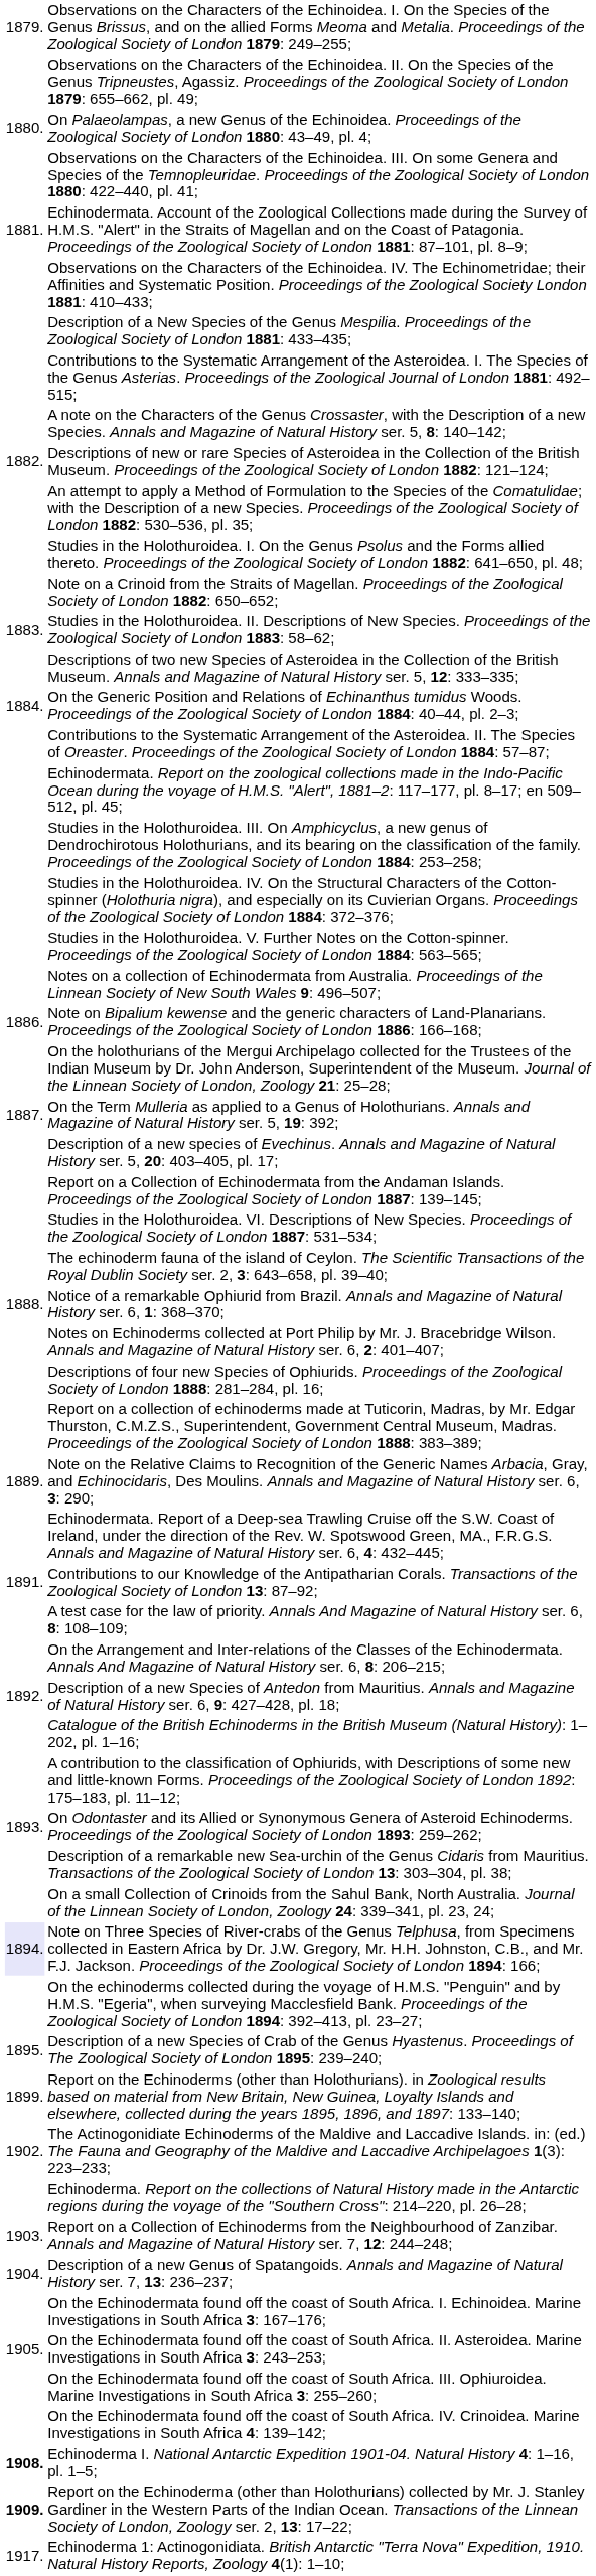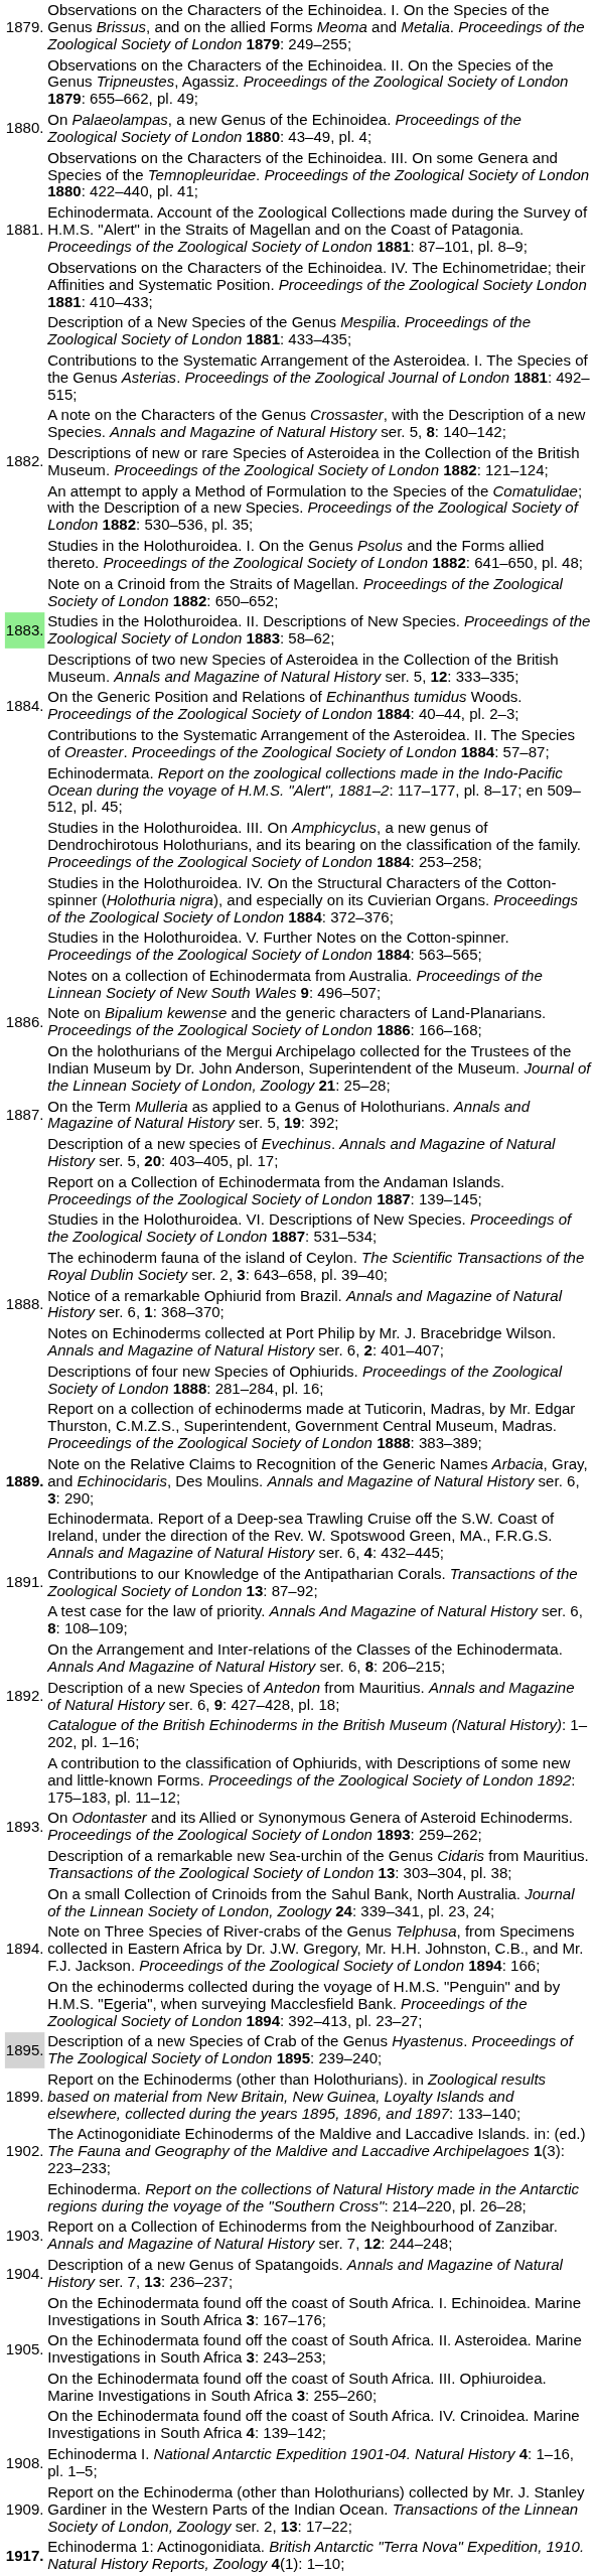 <table class="vatop">
 <tr>
 <td>1879.</td>
 <td>Observations on the Characters of the Echinoidea. I. On the Species of the Genus <em>Brissus</em>, and on the allied Forms <em>Meoma</em> and <em>Metalia</em>. <em>Proceedings of the Zoological Society of London</em> <strong>1879</strong>: 249–255; </td>
 </tr>
 <tr>
 <td></td>
 <td>Observations on the Characters of the Echinoidea. II. On the Species of the Genus <em>Tripneustes</em>, Agassiz. <em>Proceedings of the Zoological Society of London</em> <strong>1879</strong>: 655–662, pl. 49; </td>
 </tr>
 <tr>
 <td>1880.</td>
 <td>On <em>Palaeolampas</em>, a new Genus of the Echinoidea. <em>Proceedings of the Zoological Society of London</em> <strong>1880</strong>: 43–49, pl. 4; </td>
 </tr>
 <tr>
 <td></td>
 <td>Observations on the Characters of the Echinoidea. III. On some Genera and Species of the <em>Temnopleuridae</em>. <em>Proceedings of the Zoological Society of London</em> <strong>1880</strong>: 422–440, pl. 41; </td>
 </tr>
 <tr>
 <td>1881.</td>
 <td>Echinodermata. Account of the Zoological Collections made during the Survey of H.M.S. "Alert" in the Straits of Magellan and on the Coast of Patagonia. <em>Proceedings of the Zoological Society of London</em> <strong>1881</strong>: 87–101, pl. 8–9; </td>
 </tr>
 <tr>
 <td></td>
 <td>Observations on the Characters of the Echinoidea. IV. The Echinometridae; their Affinities and Systematic Position. <em>Proceedings of the Zoological Society London</em> <strong>1881</strong>: 410–433; </td>
 </tr>
 <tr>
 <td></td>
 <td>Description of a New Species of the Genus <em>Mespilia</em>. <em>Proceedings of the Zoological Society of London</em> <strong>1881</strong>: 433–435; </td>
 </tr>
 <tr>
 <td></td>
 <td>Contributions to the Systematic Arrangement of the Asteroidea. I. The Species of the Genus <em>Asterias</em>. <em>Proceedings of the Zoological Journal of London</em> <strong>1881</strong>: 492–515; </td>
 </tr>
 <tr>
 <td></td>
 <td>A note on the Characters of the Genus <em>Crossaster</em>, with the Description of a new Species. <em>Annals and Magazine of Natural History</em> ser. 5, <strong>8</strong>: 140–142; </td>
 </tr>
 <tr>
 <td>1882.</td>
 <td>Descriptions of new or rare Species of Asteroidea in the Collection of the British Museum. <em>Proceedings of the Zoological Society of London</em> <strong>1882</strong>: 121–124; </td>
 </tr>
 <tr>
 <td></td>
 <td>An attempt to apply a Method of Formulation to the Species of the <em>Comatulidae</em>; with the Description of a new Species. <em>Proceedings of the Zoological Society of London</em> <strong>1882</strong>: 530–536, pl. 35; </td>
 </tr>
 <tr>
 <td></td>
 <td>Studies in the Holothuroidea. I. On the Genus <em>Psolus</em> and the Forms allied thereto. <em>Proceedings of the Zoological Society of London</em> <strong>1882</strong>: 641–650, pl. 48; </td>
 </tr>
 <tr>
 <td></td>
 <td>Note on a Crinoid from the Straits of Magellan. <em>Proceedings of the Zoological Society of London</em> <strong>1882</strong>: 650–652; </td>
 </tr>
 <tr>
-<td>1883.</td>
+<td style="background: lightgreen;">1883.</td>
 <td>Studies in the Holothuroidea. II. Descriptions of New Species. <em>Proceedings of the Zoological Society of London</em> <strong>1883</strong>: 58–62; </td>
 </tr>
 <tr>
 <td></td>
 <td>Descriptions of two new Species of Asteroidea in the Collection of the British Museum. <em>Annals and Magazine of Natural History</em> ser. 5, <strong>12</strong>: 333–335; </td>
 </tr>
 <tr>
 <td>1884.</td>
 <td>On the Generic Position and Relations of <em>Echinanthus tumidus</em> Woods. <em>Proceedings of the Zoological Society of London</em> <strong>1884</strong>: 40–44, pl. 2–3; </td>
 </tr>
 <tr>
 <td></td>
 <td>Contributions to the Systematic Arrangement of the Asteroidea. II. The Species of <em>Oreaster</em>. <em>Proceedings of the Zoological Society of London</em> <strong>1884</strong>: 57–87; </td>
 </tr>
 <tr>
 <td></td>
 <td>Echinodermata. <em>Report on the zoological collections made in the Indo-Pacific Ocean during the voyage of H.M.S. "Alert", 1881–2</em>: 117–177, pl. 8–17;  en 509–512, pl. 45; </td>
 </tr>
 <tr>
 <td></td>
 <td>Studies in the Holothuroidea. III. On <em>Amphicyclus</em>, a new genus of Dendrochirotous Holothurians, and its bearing on the classification of the family. <em>Proceedings of the Zoological Society of London</em> <strong>1884</strong>: 253–258; </td>
 </tr>
 <tr>
 <td></td>
 <td>Studies in the Holothuroidea. IV. On the Structural Characters of the Cotton-spinner (<em>Holothuria nigra</em>), and especially on its Cuvierian Organs. <em>Proceedings of the Zoological Society of London</em> <strong>1884</strong>: 372–376; </td>
 </tr>
 <tr>
 <td></td>
 <td>Studies in the Holothuroidea. V. Further Notes on the Cotton-spinner. <em>Proceedings of the Zoological Society of London</em> <strong>1884</strong>: 563–565; </td>
 </tr>
 <tr>
 <td></td>
 <td>Notes on a collection of Echinodermata from Australia. <em>Proceedings of the Linnean Society of New South Wales</em> <strong>9</strong>: 496–507; </td>
 </tr>
 <tr>
 <td>1886.</td>
 <td>Note on <em>Bipalium kewense</em> and the generic characters of Land-Planarians. <em>Proceedings of the Zoological Society of London</em> <strong>1886</strong>: 166–168; </td>
 </tr>
 <tr>
 <td></td>
 <td>On the holothurians of the Mergui Archipelago collected for the Trustees of the Indian Museum by Dr. John Anderson, Superintendent of the Museum. <em>Journal of the Linnean Society of London, Zoology</em> <strong>21</strong>: 25–28; </td>
 </tr>
 <tr>
 <td>1887.</td>
 <td>On the Term <em>Mulleria</em> as applied to a Genus of Holothurians. <em>Annals and Magazine of Natural History</em> ser. 5, <strong>19</strong>: 392; </td>
 </tr>
 <tr>
 <td></td>
 <td>Description of a new species of <em>Evechinus</em>. <em>Annals and Magazine of Natural History</em> ser. 5, <strong>20</strong>: 403–405, pl. 17; </td>
 </tr>
 <tr>
 <td></td>
 <td>Report on a Collection of Echinodermata from the Andaman Islands. <em>Proceedings of the Zoological Society of London</em> <strong>1887</strong>: 139–145; </td>
 </tr>
 <tr>
 <td></td>
 <td>Studies in the Holothuroidea. VI. Descriptions of New Species. <em>Proceedings of the Zoological Society of London</em> <strong>1887</strong>: 531–534; </td>
 </tr>
 <tr>
 <td></td>
 <td>The echinoderm fauna of the island of Ceylon. <em>The Scientific Transactions of the Royal Dublin Society</em> ser. 2, <strong>3</strong>: 643–658, pl. 39–40; </td>
 </tr>
 <tr>
 <td>1888.</td>
 <td>Notice of a remarkable Ophiurid from Brazil. <em>Annals and Magazine of Natural History</em> ser. 6, <strong>1</strong>: 368–370; </td>
 </tr>
 <tr>
 <td></td>
 <td>Notes on Echinoderms collected at Port Philip by Mr. J. Bracebridge Wilson. <em>Annals and Magazine of Natural History</em> ser. 6, <strong>2</strong>: 401–407; </td>
 </tr>
 <tr>
 <td></td>
 <td>Descriptions of four new Species of Ophiurids. <em>Proceedings of the Zoological Society of London</em> <strong>1888</strong>: 281–284, pl. 16; </td>
 </tr>
 <tr>
 <td></td>
 <td>Report on a collection of echinoderms made at Tuticorin, Madras, by Mr. Edgar Thurston, C.M.Z.S., Superintendent, Government Central Museum, Madras. <em>Proceedings of the Zoological Society of London</em> <strong>1888</strong>: 383–389; </td>
 </tr>
 <tr>
-<td>1889.</td>
+<td><strong>1889.</strong></td>
 <td>Note on the Relative Claims to Recognition of the Generic Names <em>Arbacia</em>, Gray, and <em>Echinocidaris</em>, Des Moulins. <em>Annals and Magazine of Natural History</em> ser. 6, <strong>3</strong>: 290; </td>
 </tr>
 <tr>
 <td></td>
 <td>Echinodermata. Report of a Deep-sea Trawling Cruise off the S.W. Coast of Ireland, under the direction of the Rev. W. Spotswood Green, MA., F.R.G.S. <em>Annals and Magazine of Natural History</em> ser. 6, <strong>4</strong>: 432–445; </td>
 </tr>
 <tr>
 <td>1891.</td>
 <td>Contributions to our Knowledge of the Antipatharian Corals. <em>Transactions of the Zoological Society of London</em> <strong>13</strong>: 87–92; </td>
 </tr>
 <tr>
 <td></td>
 <td>A test case for the law of priority. <em>Annals And Magazine of Natural History</em> ser. 6, <strong>8</strong>: 108–109; </td>
 </tr>
 <tr>
 <td></td>
 <td>On the Arrangement and Inter-relations of the Classes of the Echinodermata. <em>Annals And Magazine of Natural History</em> ser. 6, <strong>8</strong>: 206–215; </td>
 </tr>
 <tr>
 <td>1892.</td>
 <td>Description of a new Species of <em>Antedon</em> from Mauritius. <em>Annals and Magazine of Natural History</em> ser. 6, <strong>9</strong>: 427–428, pl. 18; </td>
 </tr>
 <tr>
 <td></td>
 <td><em>Catalogue of the British Echinoderms in the British Museum (Natural History)</em>: 1–202, pl. 1–16; </td>
 </tr>
 <tr>
 <td></td>
 <td>A contribution to the classification of Ophiurids, with Descriptions of some new and little-known Forms. <em>Proceedings of the Zoological Society of London</em> <em>1892</em>: 175–183, pl. 11–12; </td>
 </tr>
 <tr>
 <td>1893.</td>
 <td>On <em>Odontaster</em> and its Allied or Synonymous Genera of Asteroid Echinoderms. <em>Proceedings of the Zoological Society of London</em> <strong>1893</strong>: 259–262; </td>
 </tr>
 <tr>
 <td></td>
 <td>Description of a remarkable new Sea-urchin of the Genus <em>Cidaris</em> from Mauritius. <em>Transactions of the Zoological Society of London</em> <strong>13</strong>: 303–304, pl. 38; </td>
 </tr>
 <tr>
 <td></td>
 <td>On a small Collection of Crinoids from the Sahul Bank, North Australia. <em>Journal of the Linnean Society of London, Zoology</em> <strong>24</strong>: 339–341, pl. 23, 24; </td>
 </tr>
 <tr>
-<td style="background: lavender;">1894.</td>
+<td>1894.</td>
 <td>Note on Three Species of River-crabs of the Genus <em>Telphusa</em>, from Specimens collected in Eastern Africa by Dr. J.W. Gregory, Mr. H.H. Johnston, C.B., and Mr. F.J. Jackson. <em>Proceedings of the Zoological Society of London</em> <strong>1894</strong>: 166; </td>
 </tr>
 <tr>
 <td></td>
 <td>On the echinoderms collected during the voyage of H.M.S. "Penguin" and by H.M.S. "Egeria", when surveying Macclesfield Bank. <em>Proceedings of the Zoological Society of London</em> <strong>1894</strong>: 392–413, pl. 23–27; </td>
 </tr>
 <tr>
-<td>1895.</td>
+<td style="background: lightgrey;">1895.</td>
 <td>Description of a new Species of Crab of the Genus <em>Hyastenus</em>. <em>Proceedings of The Zoological Society of London</em> <strong>1895</strong>: 239–240; </td>
 </tr>
 <tr>
 <td>1899.</td>
 <td>Report on the Echinoderms (other than Holothurians). in  <em>Zoological results based on material from New Britain, New Guinea, Loyalty Islands and elsewhere, collected during the years 1895, 1896, and 1897</em>: 133–140; </td>
 </tr>
 <tr>
 <td>1902.</td>
 <td>The Actinogonidiate Echinoderms of the Maldive and Laccadive Islands. in:  (ed.) <em>The Fauna and Geography of the Maldive and Laccadive Archipelagoes</em> <strong>1</strong>(3): 223–233; </td>
 </tr>
 <tr>
 <td></td>
 <td>Echinoderma. <em>Report on the collections of Natural History made in the Antarctic regions during the voyage of the "Southern Cross"</em>: 214–220, pl. 26–28; </td>
 </tr>
 <tr>
 <td>1903.</td>
 <td>Report on a Collection of Echinoderms from the Neighbourhood of Zanzibar. <em>Annals and Magazine of Natural History</em> ser. 7, <strong>12</strong>: 244–248; </td>
 </tr>
 <tr>
 <td>1904.</td>
 <td>Description of a new Genus of Spatangoids. <em>Annals and Magazine of Natural History</em> ser. 7, <strong>13</strong>: 236–237; </td>
 </tr>
 <tr>
 <td></td>
 <td>On the Echinodermata found off the coast of South Africa. I. Echinoidea. Marine Investigations in South Africa <strong>3</strong>: 167–176; </td>
 </tr>
 <tr>
 <td>1905.</td>
 <td>On the Echinodermata found off the coast of South Africa. II. Asteroidea. Marine Investigations in South Africa <strong>3</strong>: 243–253; </td>
 </tr>
 <tr>
 <td></td>
 <td>On the Echinodermata found off the coast of South Africa. III. Ophiuroidea. Marine Investigations in South Africa <strong>3</strong>: 255–260; </td>
 </tr>
 <tr>
 <td></td>
 <td>On the Echinodermata found off the coast of South Africa. IV. Crinoidea. Marine Investigations in South Africa <strong>4</strong>: 139–142; </td>
 </tr>
 <tr>
-<td><strong>1908.</strong></td>
+<td>1908.</td>
 <td>Echinoderma I. <em>National Antarctic Expedition 1901-04. Natural History</em> <strong>4</strong>: 1–16, pl. 1–5; </td>
 </tr>
 <tr>
-<td><strong>1909.</strong></td>
+<td>1909.</td>
 <td>Report on the Echinoderma (other than Holothurians) collected by Mr. J. Stanley Gardiner in the Western Parts of the Indian Ocean. <em>Transactions of the Linnean Society of London, Zoology</em> ser. 2, <strong>13</strong>: 17–22; </td>
 </tr>
 <tr>
-<td>1917.</td>
+<td><strong>1917.</strong></td>
 <td>Echinoderma 1: Actinogonidiata. <em>British Antarctic "Terra Nova" Expedition, 1910. Natural History Reports, Zoology</em> <strong>4</strong>(1): 1–10; </td>
 </tr>
 </table>
